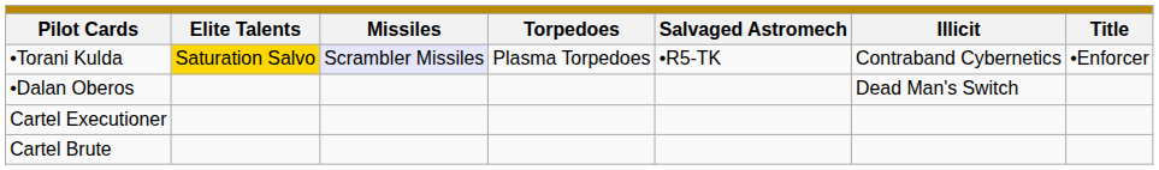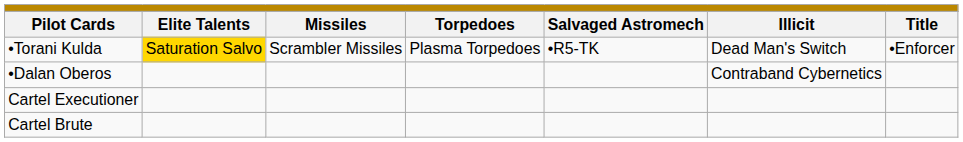 <table class="wikitable sortable">
 <tr style="background:#bb8800;">
 <td colspan="8"></td>
 </tr>
 <tr style="background:#bb8800;">
 </tr>
 <tr>
 <th>Pilot Cards</th>
 <th>Elite Talents</th>
 <th>Missiles</th>
 <th>Torpedoes</th>
 <th>Salvaged Astromech</th>
 <th>Illicit</th>
 <th>Title</th>
 </tr>
 <tr>
 <td>•Torani Kulda</td>
 <td style="background: gold;">Saturation Salvo</td>
-<td style="background: lavender;">Scrambler Missiles</td>
+<td>Scrambler Missiles</td>
 <td>Plasma Torpedoes</td>
 <td>•R5-TK</td>
-<td>Contraband Cybernetics</td>
+<td>Dead Man's Switch</td>
 <td>•Enforcer</td>
 </tr>
 <tr>
 <td>•Dalan Oberos</td>
 <td></td>
 <td></td>
 <td></td>
 <td></td>
-<td>Dead Man's Switch</td>
+<td>Contraband Cybernetics</td>
 <td></td>
 </tr>
 <tr>
 <td>Cartel Executioner</td>
 <td></td>
 <td></td>
 <td></td>
 <td></td>
 <td></td>
 <td></td>
 </tr>
 <tr>
 <td>Cartel Brute</td>
 <td></td>
 <td></td>
 <td></td>
 <td></td>
 <td></td>
 <td></td>
 </tr>
 </table>
